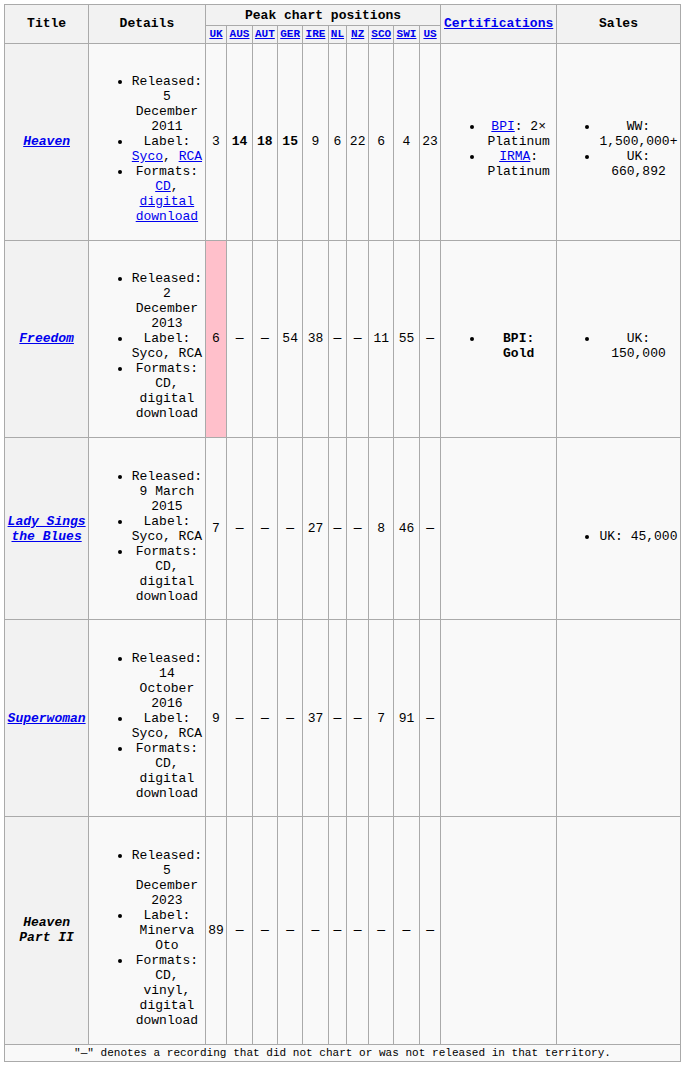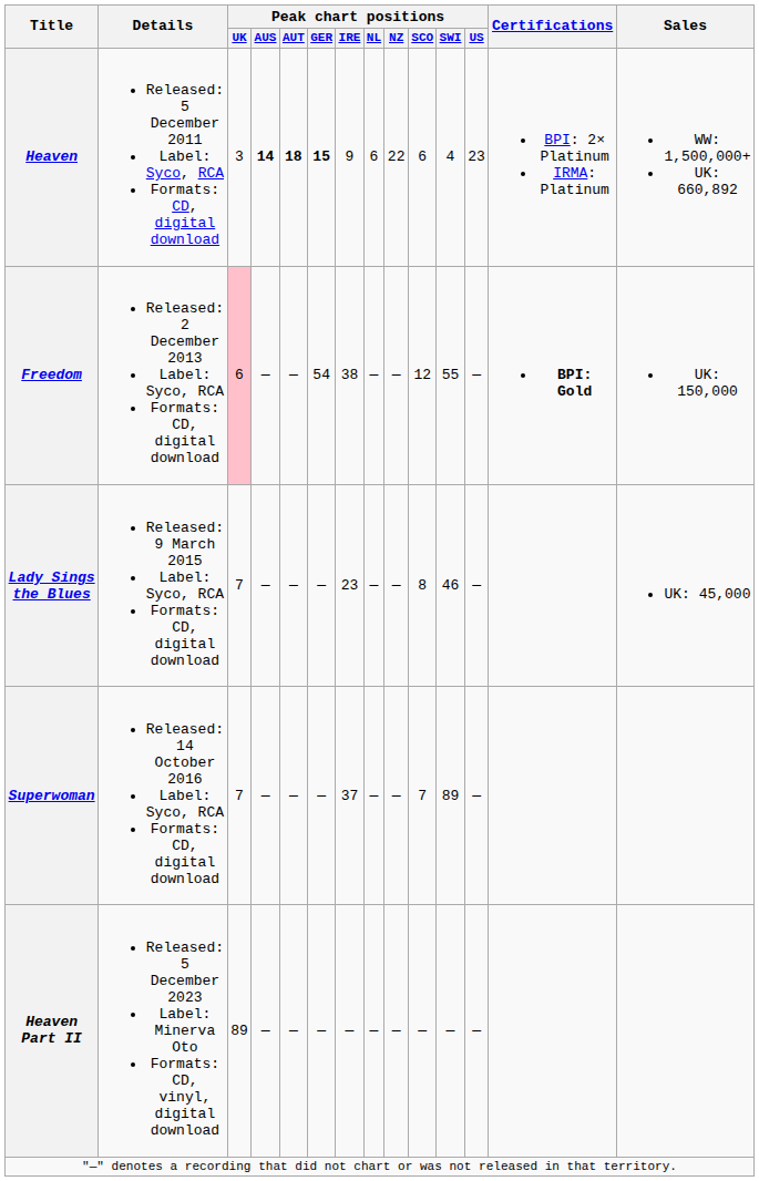 <table class="wikitable plainrowheaders" style="text-align:center;">
 <tr>
 <th scope="col" rowspan="2" style="width:13em;">Title</th>
 <th scope="col" rowspan="2" style="width:16em;">Details</th>
 <th scope="col" colspan="10">Peak chart positions</th>
 <th scope="col" rowspan="2" style="width:12em;"><a href='#'>Certifications</a></th>
 <th scope="col" rowspan="2">Sales</th>
 </tr>
 <tr>
 <th scope="col" style="width:3em;font-size:85%;"><a href='#'>UK</a><br></th>
 <th scope="col" style="width:3em;font-size:85%;"><a href='#'>AUS</a><br></th>
 <th scope="col" style="width:3em;font-size:85%;"><a href='#'>AUT</a><br></th>
 <th scope="col" style="width:3em;font-size:85%;"><a href='#'>GER</a><br></th>
 <th scope="col" style="width:3em;font-size:85%;"><a href='#'>IRE</a><br></th>
 <th scope="col" style="width:3em;font-size:85%;"><a href='#'>NL</a><br></th>
 <th scope="col" style="width:3em;font-size:85%;"><a href='#'>NZ</a><br></th>
 <th scope="col" style="width:3em;font-size:85%;"><a href='#'>SCO</a><br></th>
 <th scope="col" style="width:3em;font-size:85%;"><a href='#'>SWI</a><br></th>
 <th scope="col" style="width:3em;font-size:85%;"><a href='#'>US</a><br></th>
 </tr>
 <tr>
 <th scope="row"><em><a href='#'>Heaven</a></em></th>
 <td><br><ul><li>Released: 5 December 2011</li><li>Label: <a href='#'>Syco</a>, <a href='#'>RCA</a></li><li>Formats: <a href='#'>CD</a>, <a href='#'>digital download</a></li></ul></td>
 <td>3</td>
 <td><strong>14</strong></td>
 <td><strong>18</strong></td>
 <td><strong>15</strong></td>
 <td>9</td>
 <td>6</td>
 <td>22</td>
 <td>6</td>
 <td>4</td>
 <td>23</td>
 <td><br><ul><li><a href='#'>BPI</a>: 2× Platinum</li><li><a href='#'>IRMA</a>: Platinum</li></ul></td>
 <td><br><ul><li>WW: 1,500,000+</li><li>UK: 660,892</li></ul></td>
 </tr>
 <tr>
 <th scope="row"><em><a href='#'>Freedom</a></em></th>
 <td><br><ul><li>Released: 2 December 2013</li><li>Label: Syco, RCA</li><li>Formats: CD, digital download</li></ul></td>
 <td style="background: pink;">6</td>
 <td>—</td>
 <td>—</td>
 <td>54</td>
 <td>38</td>
 <td>—</td>
 <td>—</td>
-<td>11</td>
+<td>12</td>
 <td>55</td>
 <td>—</td>
 <td><strong><br><ul><li>BPI: Gold</li></ul></strong></td>
 <td><br><ul><li>UK: 150,000</li></ul></td>
 </tr>
 <tr>
 <th scope="row"><em><a href='#'>Lady Sings the Blues</a></em></th>
 <td><br><ul><li>Released: 9 March 2015</li><li>Label: Syco, RCA</li><li>Formats: CD, digital download</li></ul></td>
 <td>7</td>
 <td>—</td>
 <td>—</td>
 <td>—</td>
-<td>27</td>
+<td>23</td>
 <td>—</td>
 <td>—</td>
 <td>8</td>
 <td>46</td>
 <td>—</td>
 <td></td>
 <td><br><ul><li>UK: 45,000</li></ul></td>
 </tr>
 <tr>
 <th scope="row"><em><a href='#'>Superwoman</a></em></th>
 <td><br><ul><li>Released: 14 October 2016</li><li>Label: Syco, RCA</li><li>Formats: CD, digital download</li></ul></td>
-<td>9</td>
+<td>7</td>
 <td>—</td>
 <td>—</td>
 <td>—</td>
 <td>37</td>
 <td>—</td>
 <td>—</td>
 <td>7</td>
-<td>91</td>
+<td>89</td>
 <td>—</td>
 <td></td>
 <td></td>
 </tr>
 <tr>
 <th scope="row"><em>Heaven Part II</em></th>
 <td><br><ul><li>Released: 5 December 2023</li><li>Label: Minerva Oto</li><li>Formats: CD, vinyl, digital download</li></ul></td>
 <td>89</td>
 <td>—</td>
 <td>—</td>
 <td>—</td>
 <td>—</td>
 <td>—</td>
 <td>—</td>
 <td>—</td>
 <td>—</td>
 <td>—</td>
 <td></td>
 <td></td>
 </tr>
 <tr>
 <td style="font-size:85%" colspan="20">"—" denotes a recording that did not chart or was not released in that territory.</td>
 </tr>
 </table>
